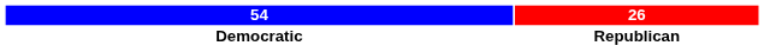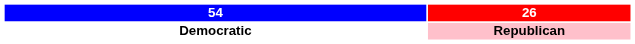 <table style="width:60%; text-align:center;">
 <tr style="color:white;">
 <td style="background:blue; width:67.5%;"><strong>54</strong></td>
 <td style="background:red; width:32.5%;"><strong>26</strong></td>
 </tr>
 <tr>
 <td><span><strong>Democratic</strong></span></td>
-<td><span><strong>Republican</strong></span></td>
+<td style="background: pink;"><span><strong>Republican</strong></span></td>
 </tr>
 </table>
